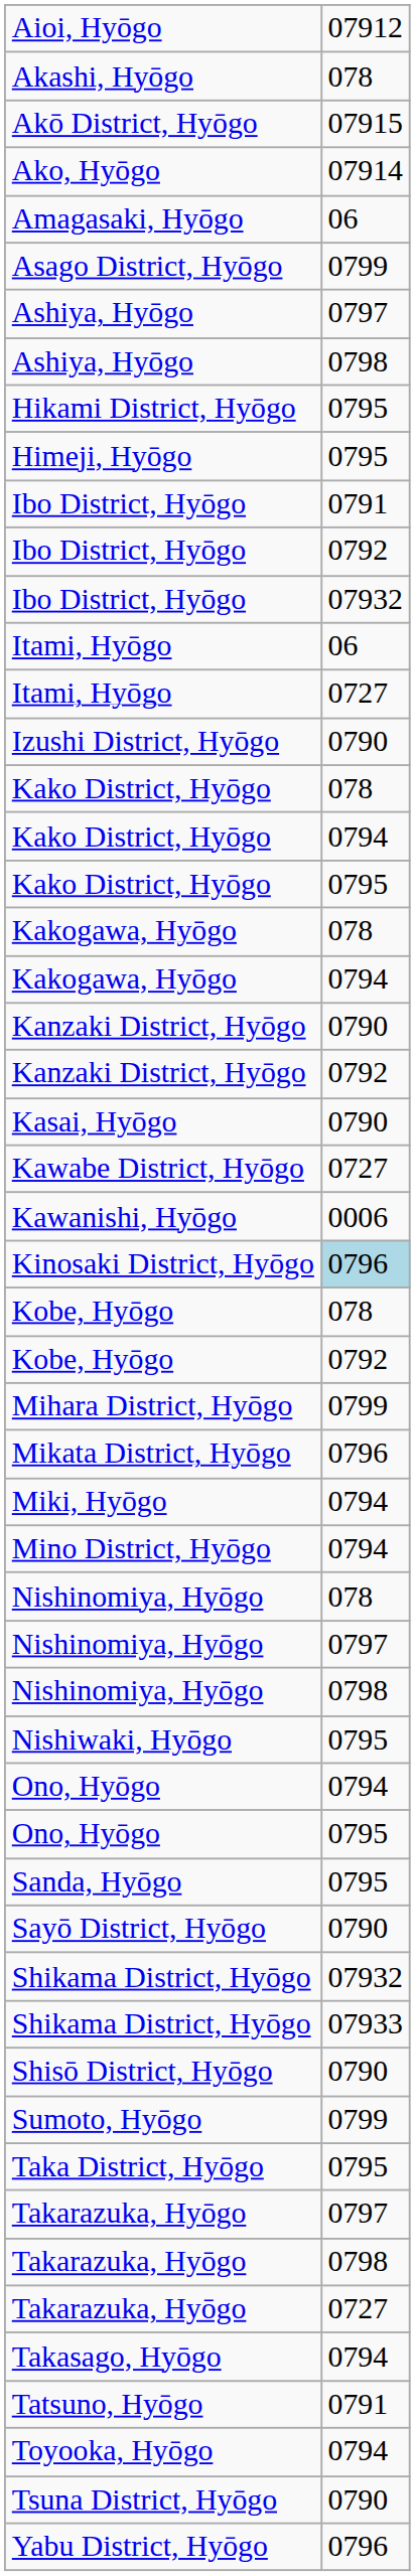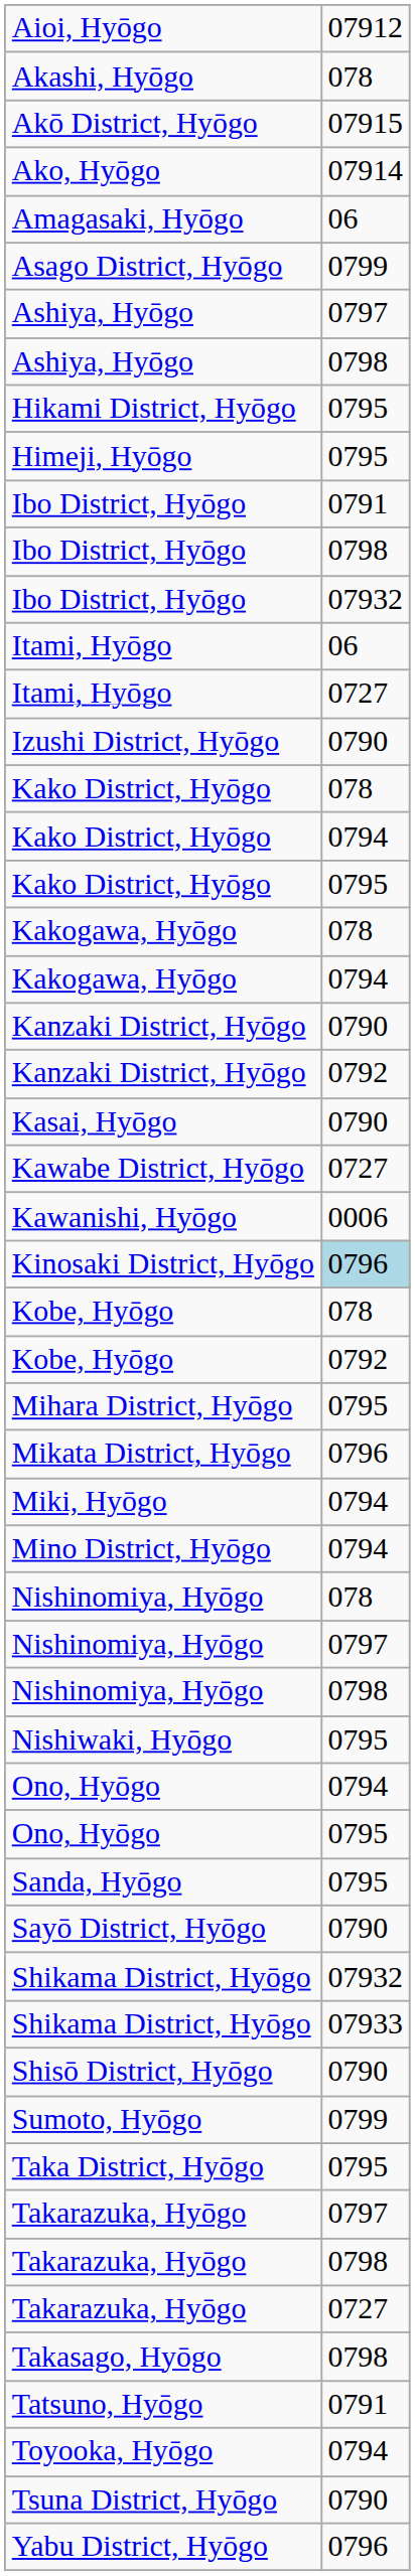 <table class="wikitable">
 <tr>
 <td><a href='#'>Aioi, Hyōgo</a></td>
 <td>07912</td>
 </tr>
 <tr>
 <td><a href='#'>Akashi, Hyōgo</a></td>
 <td>078</td>
 </tr>
 <tr>
 <td><a href='#'>Akō District, Hyōgo</a></td>
 <td>07915</td>
 </tr>
 <tr>
 <td><a href='#'>Ako, Hyōgo</a></td>
 <td>07914</td>
 </tr>
 <tr>
 <td><a href='#'>Amagasaki, Hyōgo</a></td>
 <td>06</td>
 </tr>
 <tr>
 <td><a href='#'>Asago District, Hyōgo</a></td>
 <td>0799</td>
 </tr>
 <tr>
 <td><a href='#'>Ashiya, Hyōgo</a></td>
 <td>0797</td>
 </tr>
 <tr>
 <td><a href='#'>Ashiya, Hyōgo</a></td>
 <td>0798</td>
 </tr>
 <tr>
 <td><a href='#'>Hikami District, Hyōgo</a></td>
 <td>0795</td>
 </tr>
 <tr>
 <td><a href='#'>Himeji, Hyōgo</a></td>
 <td>0795</td>
 </tr>
 <tr>
 <td><a href='#'>Ibo District, Hyōgo</a></td>
 <td>0791</td>
 </tr>
 <tr>
 <td><a href='#'>Ibo District, Hyōgo</a></td>
-<td>0792</td>
+<td>0798</td>
 </tr>
 <tr>
 <td><a href='#'>Ibo District, Hyōgo</a></td>
 <td>07932</td>
 </tr>
 <tr>
 <td><a href='#'>Itami, Hyōgo</a></td>
 <td>06</td>
 </tr>
 <tr>
 <td><a href='#'>Itami, Hyōgo</a></td>
 <td>0727</td>
 </tr>
 <tr>
 <td><a href='#'>Izushi District, Hyōgo</a></td>
 <td>0790</td>
 </tr>
 <tr>
 <td><a href='#'>Kako District, Hyōgo</a></td>
 <td>078</td>
 </tr>
 <tr>
 <td><a href='#'>Kako District, Hyōgo</a></td>
 <td>0794</td>
 </tr>
 <tr>
 <td><a href='#'>Kako District, Hyōgo</a></td>
 <td>0795</td>
 </tr>
 <tr>
 <td><a href='#'>Kakogawa, Hyōgo</a></td>
 <td>078</td>
 </tr>
 <tr>
 <td><a href='#'>Kakogawa, Hyōgo</a></td>
 <td>0794</td>
 </tr>
 <tr>
 <td><a href='#'>Kanzaki District, Hyōgo</a></td>
 <td>0790</td>
 </tr>
 <tr>
 <td><a href='#'>Kanzaki District, Hyōgo</a></td>
 <td>0792</td>
 </tr>
 <tr>
 <td><a href='#'>Kasai, Hyōgo</a></td>
 <td>0790</td>
 </tr>
 <tr>
 <td><a href='#'>Kawabe District, Hyōgo</a></td>
 <td>0727</td>
 </tr>
 <tr>
 <td><a href='#'>Kawanishi, Hyōgo</a></td>
 <td>0006</td>
 </tr>
 <tr>
 <td><a href='#'>Kinosaki District, Hyōgo</a></td>
 <td style="background: lightblue;">0796</td>
 </tr>
 <tr>
 <td><a href='#'>Kobe, Hyōgo</a></td>
 <td>078</td>
 </tr>
 <tr>
 <td><a href='#'>Kobe, Hyōgo</a></td>
 <td>0792</td>
 </tr>
 <tr>
 <td><a href='#'>Mihara District, Hyōgo</a></td>
-<td>0799</td>
+<td>0795</td>
 </tr>
 <tr>
 <td><a href='#'>Mikata District, Hyōgo</a></td>
 <td>0796</td>
 </tr>
 <tr>
 <td><a href='#'>Miki, Hyōgo</a></td>
 <td>0794</td>
 </tr>
 <tr>
 <td><a href='#'>Mino District, Hyōgo</a></td>
 <td>0794</td>
 </tr>
 <tr>
 <td><a href='#'>Nishinomiya, Hyōgo</a></td>
 <td>078</td>
 </tr>
 <tr>
 <td><a href='#'>Nishinomiya, Hyōgo</a></td>
 <td>0797</td>
 </tr>
 <tr>
 <td><a href='#'>Nishinomiya, Hyōgo</a></td>
 <td>0798</td>
 </tr>
 <tr>
 <td><a href='#'>Nishiwaki, Hyōgo</a></td>
 <td>0795</td>
 </tr>
 <tr>
 <td><a href='#'>Ono, Hyōgo</a></td>
 <td>0794</td>
 </tr>
 <tr>
 <td><a href='#'>Ono, Hyōgo</a></td>
 <td>0795</td>
 </tr>
 <tr>
 <td><a href='#'>Sanda, Hyōgo</a></td>
 <td>0795</td>
 </tr>
 <tr>
 <td><a href='#'>Sayō District, Hyōgo</a></td>
 <td>0790</td>
 </tr>
 <tr>
 <td><a href='#'>Shikama District, Hyōgo</a></td>
 <td>07932</td>
 </tr>
 <tr>
 <td><a href='#'>Shikama District, Hyōgo</a></td>
 <td>07933</td>
 </tr>
 <tr>
 <td><a href='#'>Shisō District, Hyōgo</a></td>
 <td>0790</td>
 </tr>
 <tr>
 <td><a href='#'>Sumoto, Hyōgo</a></td>
 <td>0799</td>
 </tr>
 <tr>
 <td><a href='#'>Taka District, Hyōgo</a></td>
 <td>0795</td>
 </tr>
 <tr>
 <td><a href='#'>Takarazuka, Hyōgo</a></td>
 <td>0797</td>
 </tr>
 <tr>
 <td><a href='#'>Takarazuka, Hyōgo</a></td>
 <td>0798</td>
 </tr>
 <tr>
 <td><a href='#'>Takarazuka, Hyōgo</a></td>
 <td>0727</td>
 </tr>
 <tr>
 <td><a href='#'>Takasago, Hyōgo</a></td>
-<td>0794</td>
+<td>0798</td>
 </tr>
 <tr>
 <td><a href='#'>Tatsuno, Hyōgo</a></td>
 <td>0791</td>
 </tr>
 <tr>
 <td><a href='#'>Toyooka, Hyōgo</a></td>
 <td>0794</td>
 </tr>
 <tr>
 <td><a href='#'>Tsuna District, Hyōgo</a></td>
 <td>0790</td>
 </tr>
 <tr>
 <td><a href='#'>Yabu District, Hyōgo</a></td>
 <td>0796</td>
 </tr>
 </table>
